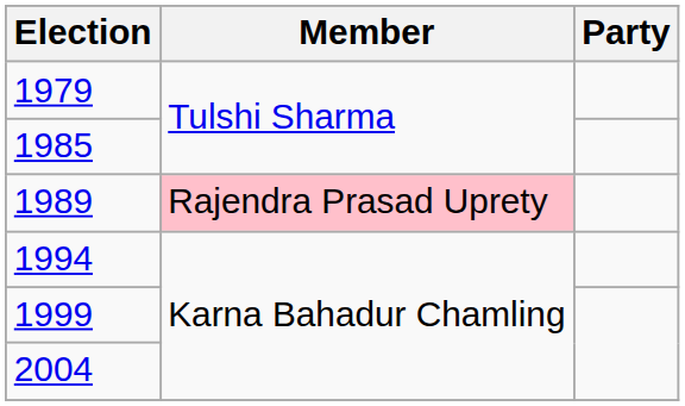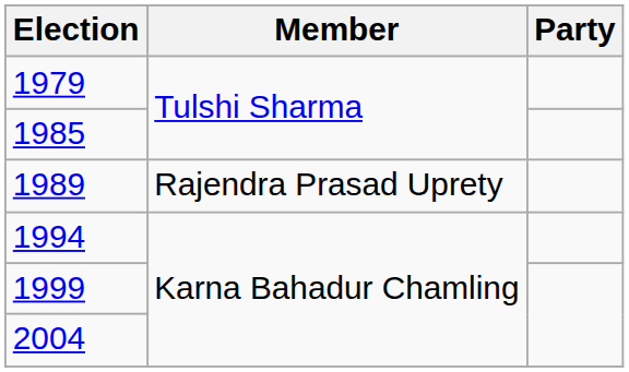 <table class="wikitable sortable">
 <tr>
 <th>Election</th>
 <th>Member</th>
 <th colspan=2>Party</th>
 </tr>
 <tr>
 <td><a href='#'>1979</a></td>
 <td rowspan=2><a href='#'>Tulshi Sharma</a></td>
 <td></td>
 </tr>
 <tr>
 <td><a href='#'>1985</a></td>
 <td></td>
 </tr>
 <tr>
 <td><a href='#'>1989</a></td>
-<td style="background: pink;">Rajendra Prasad Uprety</td>
+<td>Rajendra Prasad Uprety</td>
 </tr>
 <tr>
 <td><a href='#'>1994</a></td>
 <td rowspan=3>Karna Bahadur Chamling</td>
 <td></td>
 </tr>
 <tr>
 <td><a href='#'>1999</a></td>
 </tr>
 <tr>
 <td><a href='#'>2004</a></td>
 </tr>
 </table>
